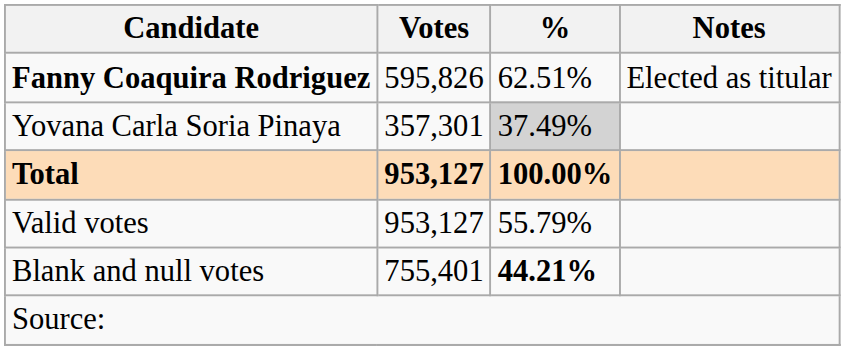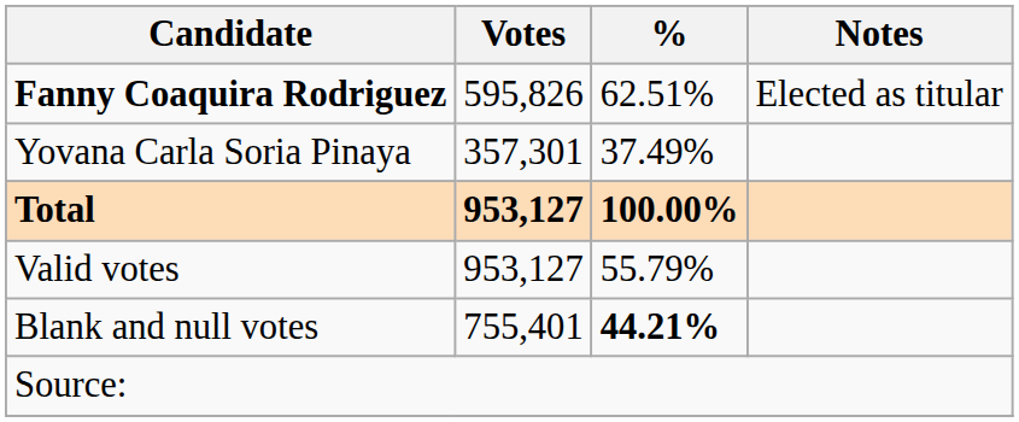 <table class=wikitable>
 <tr>
 <th>Candidate</th>
 <th>Votes</th>
 <th>%</th>
 <th>Notes</th>
 </tr>
 <tr>
 <td><strong>Fanny Coaquira Rodriguez</strong></td>
 <td>595,826</td>
 <td>62.51%</td>
 <td>Elected as titular</td>
 </tr>
 <tr>
 <td>Yovana Carla Soria Pinaya</td>
 <td>357,301</td>
-<td style="background: lightgrey;">37.49%</td>
+<td>37.49%</td>
 <td></td>
 </tr>
 <tr>
 <td style="background:#FDDCB8"><strong>Total</strong></td>
 <td style="background:#FDDCB8"><strong> 953,127</strong></td>
 <td style="background:#FDDCB8"><strong>100.00%</strong></td>
 <td style="background:#FDDCB8"></td>
 </tr>
 <tr>
 <td>Valid votes</td>
 <td>953,127</td>
 <td>55.79%</td>
 <td></td>
 </tr>
 <tr>
 <td>Blank and null votes</td>
 <td>755,401</td>
 <td><strong>44.21%</strong></td>
 <td></td>
 </tr>
 <tr>
 <td colspan="4">Source: </td>
 </tr>
 <tr>
 </tr>
 </table>
